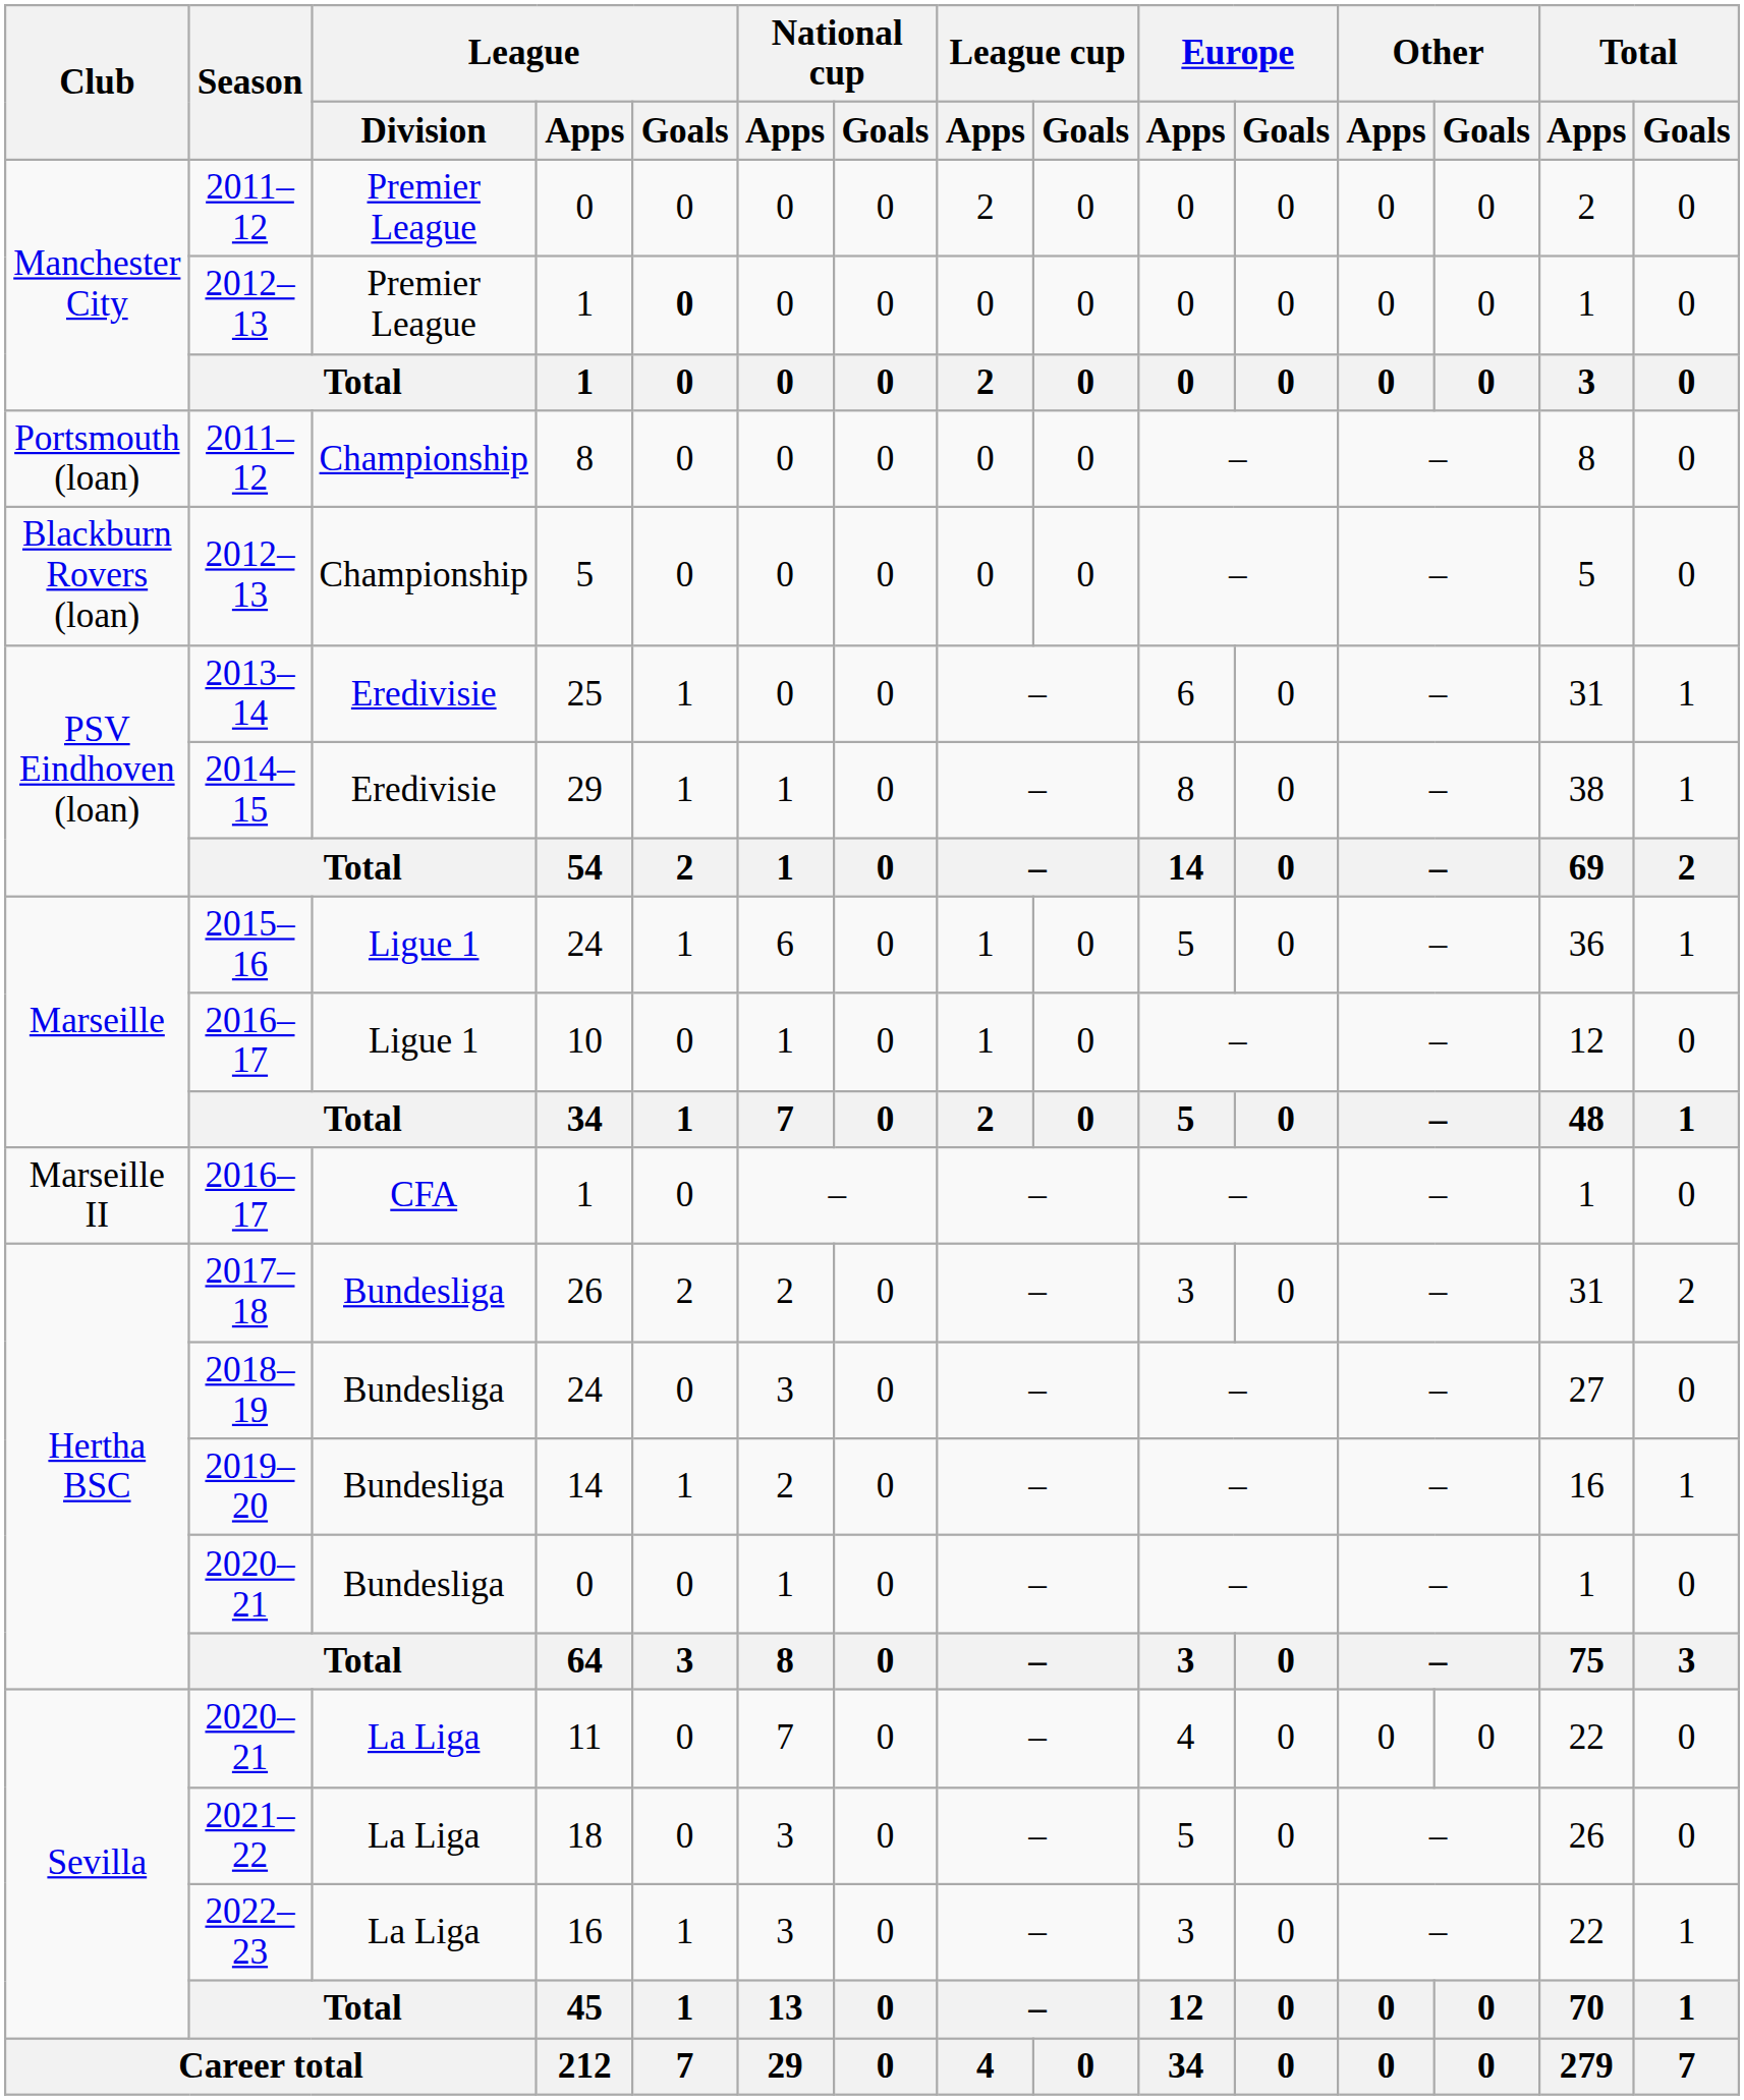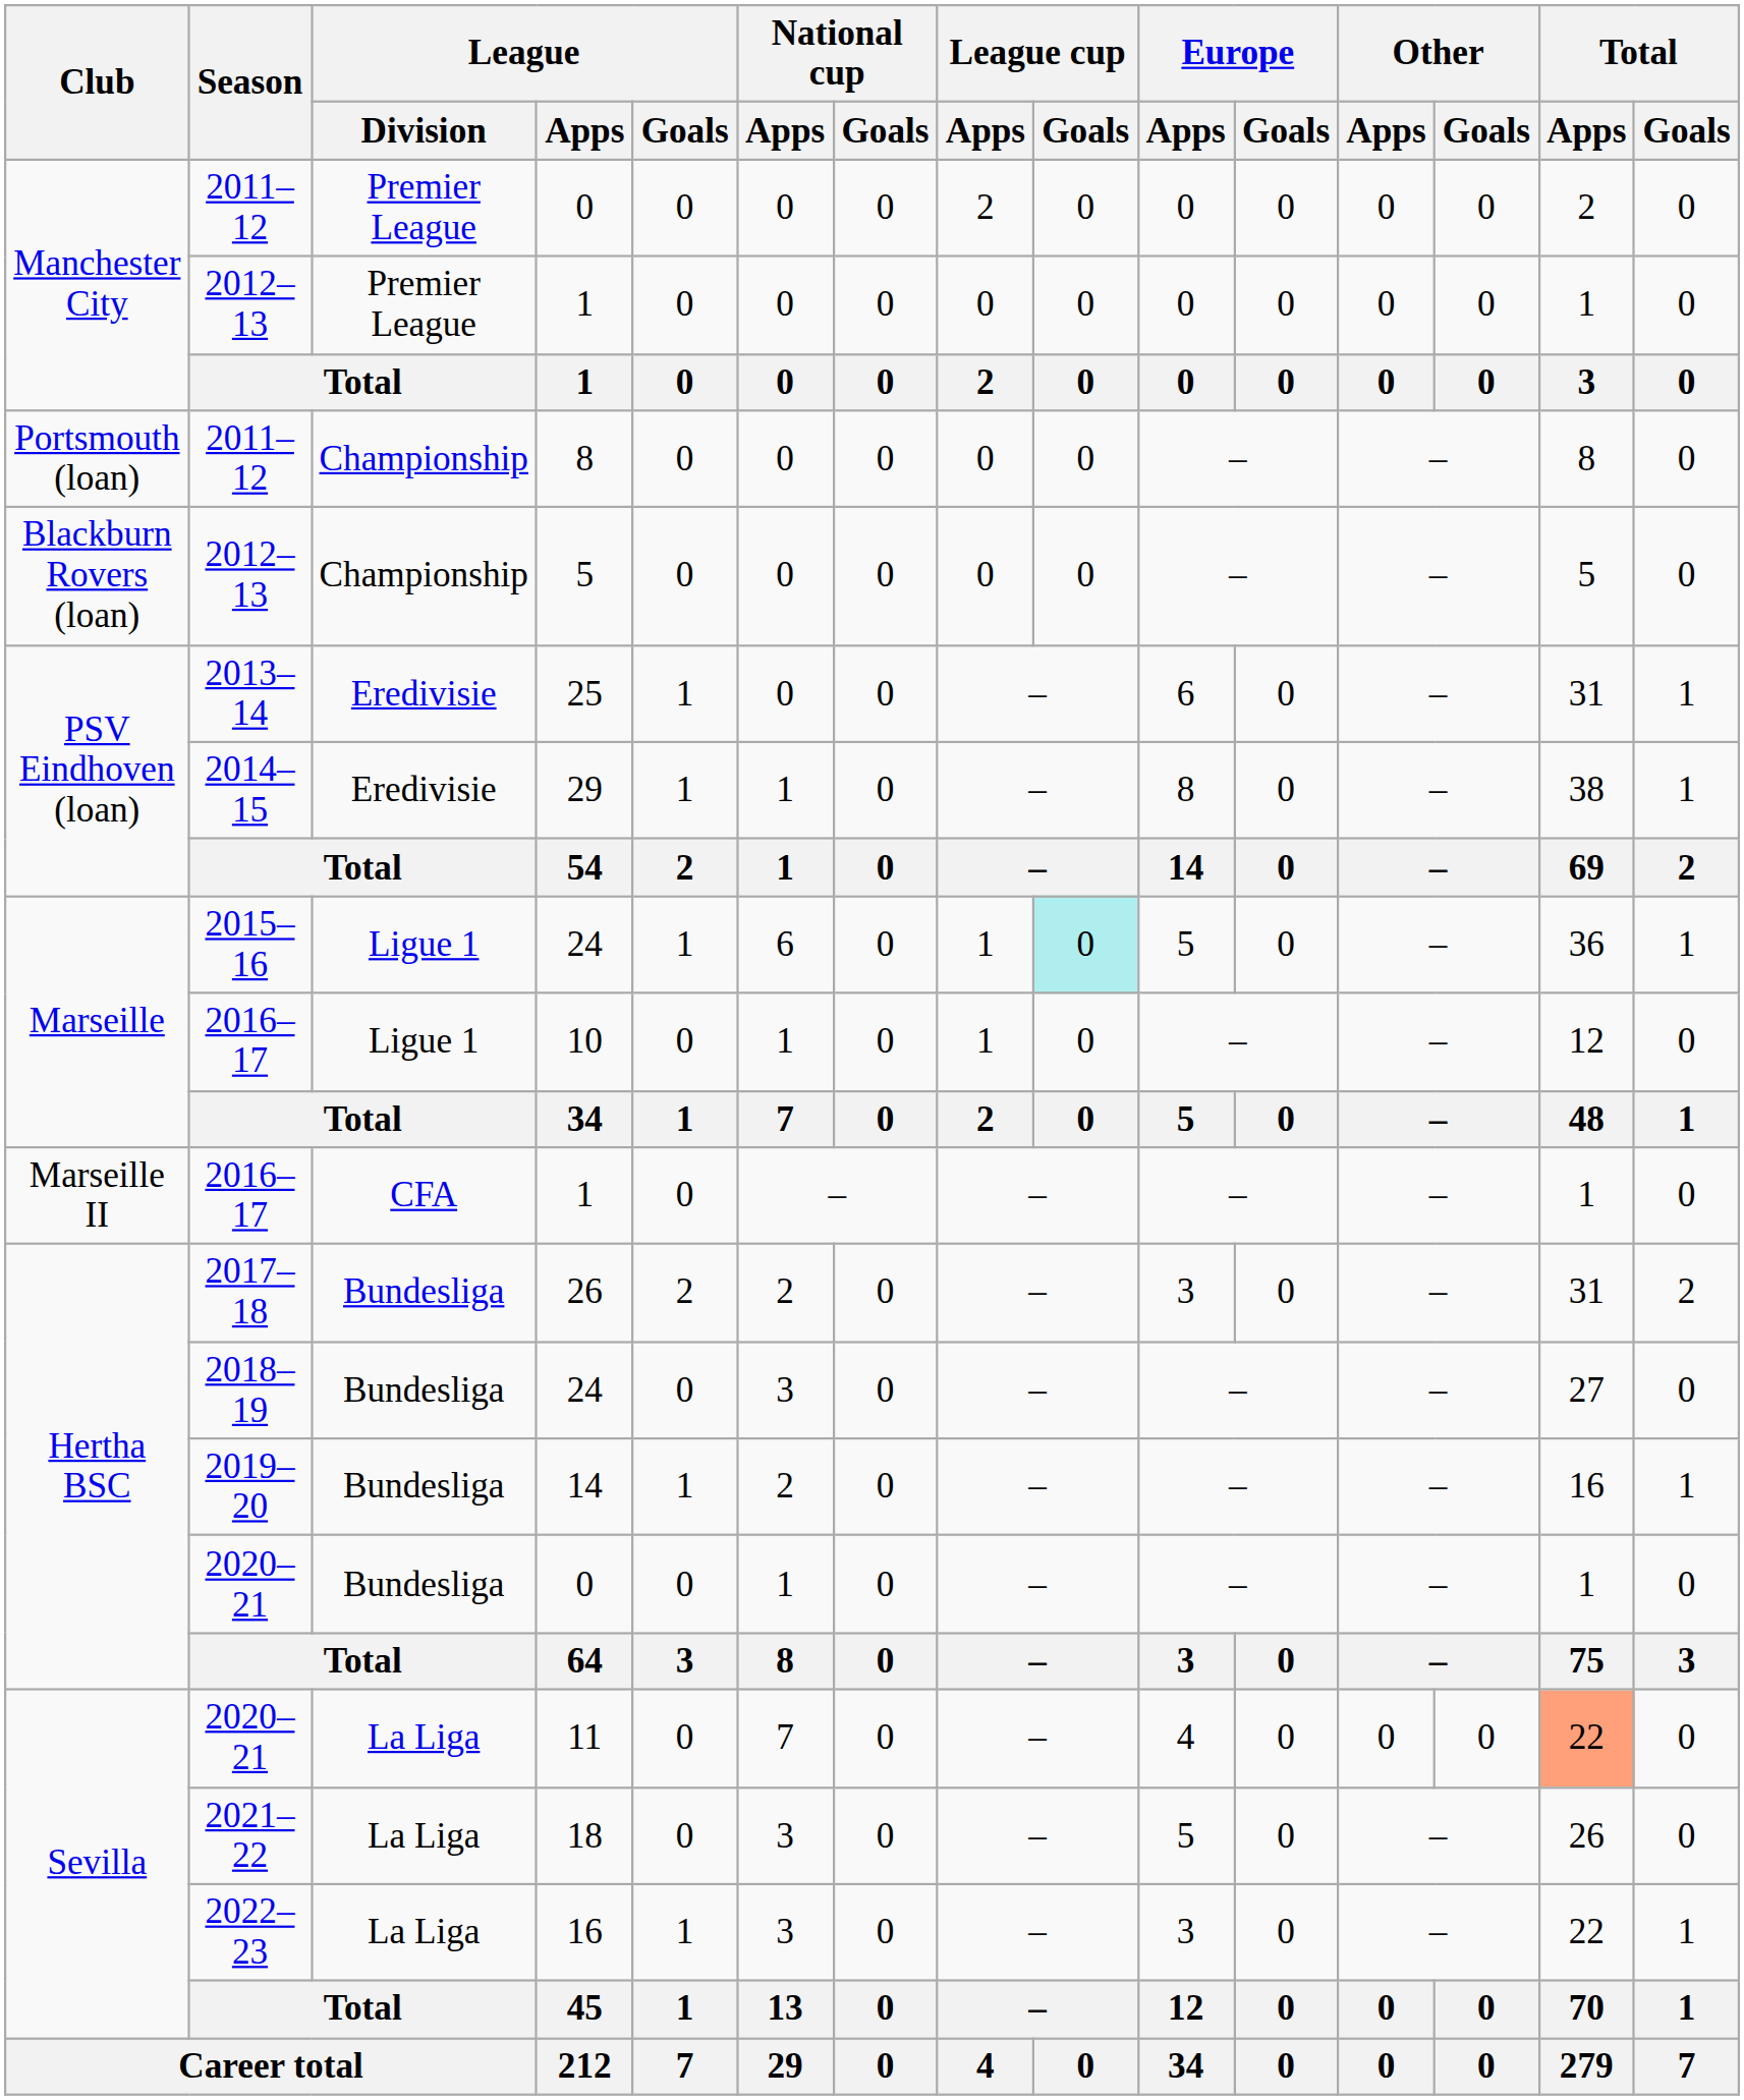 <table class="wikitable" style="text-align:center">
 <tr>
 <th rowspan="2">Club</th>
 <th rowspan="2">Season</th>
 <th colspan="3">League</th>
 <th colspan="2">National cup</th>
 <th colspan="2">League cup</th>
 <th colspan="2"><a href='#'>Europe</a></th>
 <th colspan="2">Other</th>
 <th colspan="2">Total</th>
 </tr>
 <tr>
 <th>Division</th>
 <th>Apps</th>
 <th>Goals</th>
 <th>Apps</th>
 <th>Goals</th>
 <th>Apps</th>
 <th>Goals</th>
 <th>Apps</th>
 <th>Goals</th>
 <th>Apps</th>
 <th>Goals</th>
 <th>Apps</th>
 <th>Goals</th>
 </tr>
 <tr>
 <td rowspan="3"><a href='#'>Manchester City</a></td>
 <td><a href='#'>2011–12</a></td>
 <td><a href='#'>Premier League</a></td>
 <td>0</td>
 <td>0</td>
 <td>0</td>
 <td>0</td>
 <td>2</td>
 <td>0</td>
 <td>0</td>
 <td>0</td>
 <td>0</td>
 <td>0</td>
 <td>2</td>
 <td>0</td>
 </tr>
 <tr>
 <td><a href='#'>2012–13</a></td>
 <td>Premier League</td>
 <td>1</td>
-<td><strong>0</strong></td>
+<td>0</td>
 <td>0</td>
 <td>0</td>
 <td>0</td>
 <td>0</td>
 <td>0</td>
 <td>0</td>
 <td>0</td>
 <td>0</td>
 <td>1</td>
 <td>0</td>
 </tr>
 <tr>
 <th colspan="2">Total</th>
 <th>1</th>
 <th>0</th>
 <th>0</th>
 <th>0</th>
 <th>2</th>
 <th>0</th>
 <th>0</th>
 <th>0</th>
 <th>0</th>
 <th>0</th>
 <th>3</th>
 <th>0</th>
 </tr>
 <tr>
 <td><a href='#'>Portsmouth</a> (loan)</td>
 <td><a href='#'>2011–12</a></td>
 <td><a href='#'>Championship</a></td>
 <td>8</td>
 <td>0</td>
 <td>0</td>
 <td>0</td>
 <td>0</td>
 <td>0</td>
 <td colspan="2">–</td>
 <td colspan="2">–</td>
 <td>8</td>
 <td>0</td>
 </tr>
 <tr>
 <td><a href='#'>Blackburn Rovers</a> (loan)</td>
 <td><a href='#'>2012–13</a></td>
 <td>Championship</td>
 <td>5</td>
 <td>0</td>
 <td>0</td>
 <td>0</td>
 <td>0</td>
 <td>0</td>
 <td colspan="2">–</td>
 <td colspan="2">–</td>
 <td>5</td>
 <td>0</td>
 </tr>
 <tr>
 <td rowspan="3"><a href='#'>PSV Eindhoven</a> (loan)</td>
 <td><a href='#'>2013–14</a></td>
 <td><a href='#'>Eredivisie</a></td>
 <td>25</td>
 <td>1</td>
 <td>0</td>
 <td>0</td>
 <td colspan="2">–</td>
 <td>6</td>
 <td>0</td>
 <td colspan="2">–</td>
 <td>31</td>
 <td>1</td>
 </tr>
 <tr>
 <td><a href='#'>2014–15</a></td>
 <td>Eredivisie</td>
 <td>29</td>
 <td>1</td>
 <td>1</td>
 <td>0</td>
 <td colspan="2">–</td>
 <td>8</td>
 <td>0</td>
 <td colspan="2">–</td>
 <td>38</td>
 <td>1</td>
 </tr>
 <tr>
 <th colspan="2">Total</th>
 <th>54</th>
 <th>2</th>
 <th>1</th>
 <th>0</th>
 <th colspan="2">–</th>
 <th>14</th>
 <th>0</th>
 <th colspan="2">–</th>
 <th>69</th>
 <th>2</th>
 </tr>
 <tr>
 <td rowspan="3"><a href='#'>Marseille</a></td>
 <td><a href='#'>2015–16</a></td>
 <td><a href='#'>Ligue 1</a></td>
 <td>24</td>
 <td>1</td>
 <td>6</td>
 <td>0</td>
 <td>1</td>
-<td>0</td>
+<td style="background: paleturquoise;">0</td>
 <td>5</td>
 <td>0</td>
 <td colspan="2">–</td>
 <td>36</td>
 <td>1</td>
 </tr>
 <tr>
 <td><a href='#'>2016–17</a></td>
 <td>Ligue 1</td>
 <td>10</td>
 <td>0</td>
 <td>1</td>
 <td>0</td>
 <td>1</td>
 <td>0</td>
 <td colspan="2">–</td>
 <td colspan="2">–</td>
 <td>12</td>
 <td>0</td>
 </tr>
 <tr>
 <th colspan="2">Total</th>
 <th>34</th>
 <th>1</th>
 <th>7</th>
 <th>0</th>
 <th>2</th>
 <th>0</th>
 <th>5</th>
 <th>0</th>
 <th colspan="2">–</th>
 <th>48</th>
 <th>1</th>
 </tr>
 <tr>
 <td>Marseille II</td>
 <td><a href='#'>2016–17</a></td>
 <td><a href='#'>CFA</a></td>
 <td>1</td>
 <td>0</td>
 <td colspan="2">–</td>
 <td colspan="2">–</td>
 <td colspan="2">–</td>
 <td colspan="2">–</td>
 <td>1</td>
 <td>0</td>
 </tr>
 <tr>
 <td rowspan="5"><a href='#'>Hertha BSC</a></td>
 <td><a href='#'>2017–18</a></td>
 <td><a href='#'>Bundesliga</a></td>
 <td>26</td>
 <td>2</td>
 <td>2</td>
 <td>0</td>
 <td colspan="2">–</td>
 <td>3</td>
 <td>0</td>
 <td colspan="2">–</td>
 <td>31</td>
 <td>2</td>
 </tr>
 <tr>
 <td><a href='#'>2018–19</a></td>
 <td>Bundesliga</td>
 <td>24</td>
 <td>0</td>
 <td>3</td>
 <td>0</td>
 <td colspan="2">–</td>
 <td colspan="2">–</td>
 <td colspan="2">–</td>
 <td>27</td>
 <td>0</td>
 </tr>
 <tr>
 <td><a href='#'>2019–20</a></td>
 <td>Bundesliga</td>
 <td>14</td>
 <td>1</td>
 <td>2</td>
 <td>0</td>
 <td colspan="2">–</td>
 <td colspan="2">–</td>
 <td colspan="2">–</td>
 <td>16</td>
 <td>1</td>
 </tr>
 <tr>
 <td><a href='#'>2020–21</a></td>
 <td>Bundesliga</td>
 <td>0</td>
 <td>0</td>
 <td>1</td>
 <td>0</td>
 <td colspan="2">–</td>
 <td colspan="2">–</td>
 <td colspan="2">–</td>
 <td>1</td>
 <td>0</td>
 </tr>
 <tr>
 <th colspan="2">Total</th>
 <th>64</th>
 <th>3</th>
 <th>8</th>
 <th>0</th>
 <th colspan="2">–</th>
 <th>3</th>
 <th>0</th>
 <th colspan="2">–</th>
 <th>75</th>
 <th>3</th>
 </tr>
 <tr>
 <td rowspan="4"><a href='#'>Sevilla</a></td>
 <td><a href='#'>2020–21</a></td>
 <td><a href='#'>La Liga</a></td>
 <td>11</td>
 <td>0</td>
 <td>7</td>
 <td>0</td>
 <td colspan="2">–</td>
 <td>4</td>
 <td>0</td>
 <td>0</td>
 <td>0</td>
-<td>22</td>
+<td style="background: lightsalmon;">22</td>
 <td>0</td>
 </tr>
 <tr>
 <td><a href='#'>2021–22</a></td>
 <td>La Liga</td>
 <td>18</td>
 <td>0</td>
 <td>3</td>
 <td>0</td>
 <td colspan="2">–</td>
 <td>5</td>
 <td>0</td>
 <td colspan="2">–</td>
 <td>26</td>
 <td>0</td>
 </tr>
 <tr>
 <td><a href='#'>2022–23</a></td>
 <td>La Liga</td>
 <td>16</td>
 <td>1</td>
 <td>3</td>
 <td>0</td>
 <td colspan="2">–</td>
 <td>3</td>
 <td>0</td>
 <td colspan="2">–</td>
 <td>22</td>
 <td>1</td>
 </tr>
 <tr>
 <th colspan="2">Total</th>
 <th>45</th>
 <th>1</th>
 <th>13</th>
 <th>0</th>
 <th colspan="2">–</th>
 <th>12</th>
 <th>0</th>
 <th>0</th>
 <th>0</th>
 <th>70</th>
 <th>1</th>
 </tr>
 <tr>
 <th colspan="3">Career total</th>
 <th>212</th>
 <th>7</th>
 <th>29</th>
 <th>0</th>
 <th>4</th>
 <th>0</th>
 <th>34</th>
 <th>0</th>
 <th>0</th>
 <th>0</th>
 <th>279</th>
 <th>7</th>
 </tr>
 </table>
